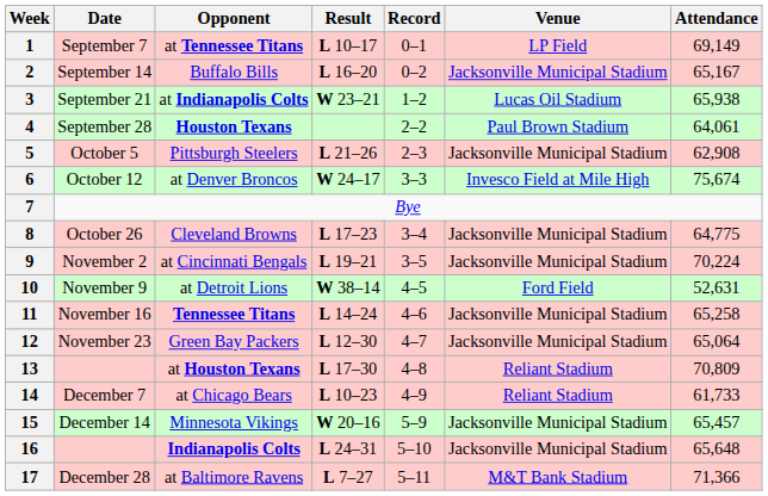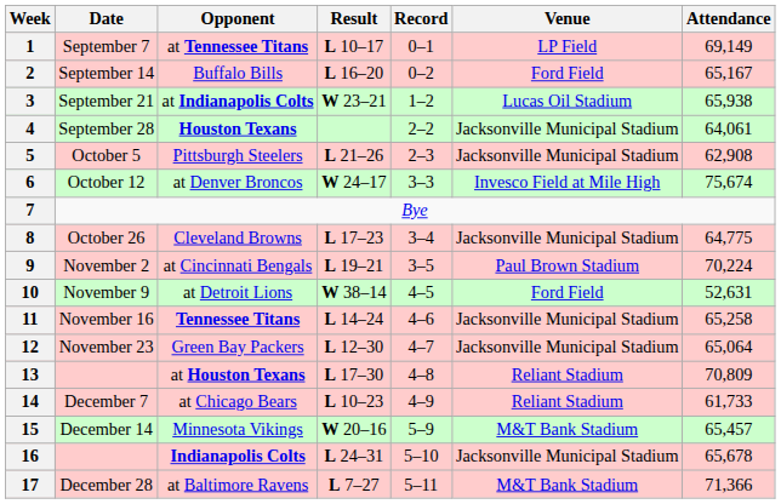 <table class="wikitable" style="text-align:center">
 <tr>
 <th>Week</th>
 <th>Date</th>
 <th>Opponent</th>
 <th>Result</th>
 <th>Record</th>
 <th>Venue</th>
 <th>Attendance</th>
 </tr>
 <tr style="background:#fcc;">
 <th>1</th>
 <td>September 7</td>
 <td>at <strong><a href='#'>Tennessee Titans</a></strong></td>
 <td><strong>L</strong> 10–17</td>
 <td>0–1</td>
 <td><a href='#'>LP Field</a></td>
 <td>69,149</td>
 </tr>
 <tr style="background:#fcc;">
 <th>2</th>
 <td>September 14</td>
 <td><a href='#'>Buffalo Bills</a></td>
 <td><strong>L</strong> 16–20</td>
 <td>0–2</td>
-<td><a href='#'>Jacksonville Municipal Stadium</a></td>
+<td><a href='#'>Ford Field</a></td>
 <td>65,167</td>
 </tr>
 <tr style="background:#cfc;">
 <th>3</th>
 <td>September 21</td>
 <td>at <strong><a href='#'>Indianapolis Colts</a></strong></td>
 <td><strong>W</strong> 23–21</td>
 <td>1–2</td>
 <td><a href='#'>Lucas Oil Stadium</a></td>
 <td>65,938</td>
 </tr>
 <tr style="background:#cfc;">
 <th>4</th>
 <td>September 28</td>
 <td><strong><a href='#'>Houston Texans</a></strong></td>
 <td></td>
 <td>2–2</td>
-<td><a href='#'>Paul Brown Stadium</a></td>
+<td>Jacksonville Municipal Stadium</td>
 <td>64,061</td>
 </tr>
 <tr style="background:#fcc;">
 <th>5</th>
 <td>October 5</td>
 <td><a href='#'>Pittsburgh Steelers</a></td>
 <td><strong>L</strong> 21–26</td>
 <td>2–3</td>
 <td>Jacksonville Municipal Stadium</td>
 <td>62,908</td>
 </tr>
 <tr style="background:#cfc;">
 <th>6</th>
 <td>October 12</td>
 <td>at <a href='#'>Denver Broncos</a></td>
 <td><strong>W</strong> 24–17</td>
 <td>3–3</td>
 <td><a href='#'>Invesco Field at Mile High</a></td>
 <td>75,674</td>
 </tr>
 <tr>
 <th>7</th>
 <td colspan="6" align="center"><em><a href='#'>Bye</a></em></td>
 </tr>
 <tr style="background:#fcc;">
 <th>8</th>
 <td>October 26</td>
 <td><a href='#'>Cleveland Browns</a></td>
 <td><strong>L</strong> 17–23</td>
 <td>3–4</td>
 <td>Jacksonville Municipal Stadium</td>
 <td>64,775</td>
 </tr>
 <tr style="background:#fcc;">
 <th>9</th>
 <td>November 2</td>
 <td>at <a href='#'>Cincinnati Bengals</a></td>
 <td><strong>L</strong> 19–21</td>
 <td>3–5</td>
-<td>Jacksonville Municipal Stadium</td>
+<td><a href='#'>Paul Brown Stadium</a></td>
 <td>70,224</td>
 </tr>
 <tr style="background:#cfc;">
 <th>10</th>
 <td>November 9</td>
 <td>at <a href='#'>Detroit Lions</a></td>
 <td><strong>W</strong> 38–14</td>
 <td>4–5</td>
 <td><a href='#'>Ford Field</a></td>
 <td>52,631</td>
 </tr>
 <tr style="background:#fcc;">
 <th>11</th>
 <td>November 16</td>
 <td><strong><a href='#'>Tennessee Titans</a></strong></td>
 <td><strong>L</strong> 14–24</td>
 <td>4–6</td>
 <td>Jacksonville Municipal Stadium</td>
 <td>65,258</td>
 </tr>
 <tr style="background:#fcc;">
 <th>12</th>
 <td>November 23</td>
 <td><a href='#'>Green Bay Packers</a></td>
 <td><strong>L</strong> 12–30</td>
 <td>4–7</td>
 <td>Jacksonville Municipal Stadium</td>
 <td>65,064</td>
 </tr>
 <tr style="background:#fcc;">
 <th>13</th>
 <td></td>
 <td>at <strong><a href='#'>Houston Texans</a></strong></td>
 <td><strong>L</strong> 17–30</td>
 <td>4–8</td>
 <td><a href='#'>Reliant Stadium</a></td>
 <td>70,809</td>
 </tr>
 <tr style="background:#fcc;">
 <th>14</th>
 <td>December 7</td>
 <td>at <a href='#'>Chicago Bears</a></td>
 <td><strong>L</strong> 10–23</td>
 <td>4–9</td>
 <td><a href='#'>Reliant Stadium</a></td>
 <td>61,733</td>
 </tr>
 <tr style="background:#cfc;">
 <th>15</th>
 <td>December 14</td>
 <td><a href='#'>Minnesota Vikings</a></td>
 <td><strong>W</strong> 20–16</td>
 <td>5–9</td>
-<td>Jacksonville Municipal Stadium</td>
+<td><a href='#'>M&T Bank Stadium</a></td>
 <td>65,457</td>
 </tr>
 <tr style="background:#fcc;">
 <th>16</th>
 <td></td>
 <td><strong><a href='#'>Indianapolis Colts</a></strong></td>
 <td><strong>L</strong> 24–31</td>
 <td>5–10</td>
 <td>Jacksonville Municipal Stadium</td>
-<td>65,648</td>
+<td>65,678</td>
 </tr>
 <tr style="background:#fcc;">
 <th>17</th>
 <td>December 28</td>
 <td>at <a href='#'>Baltimore Ravens</a></td>
 <td><strong>L</strong> 7–27</td>
 <td>5–11</td>
 <td><a href='#'>M&T Bank Stadium</a></td>
 <td>71,366</td>
 </tr>
 </table>
